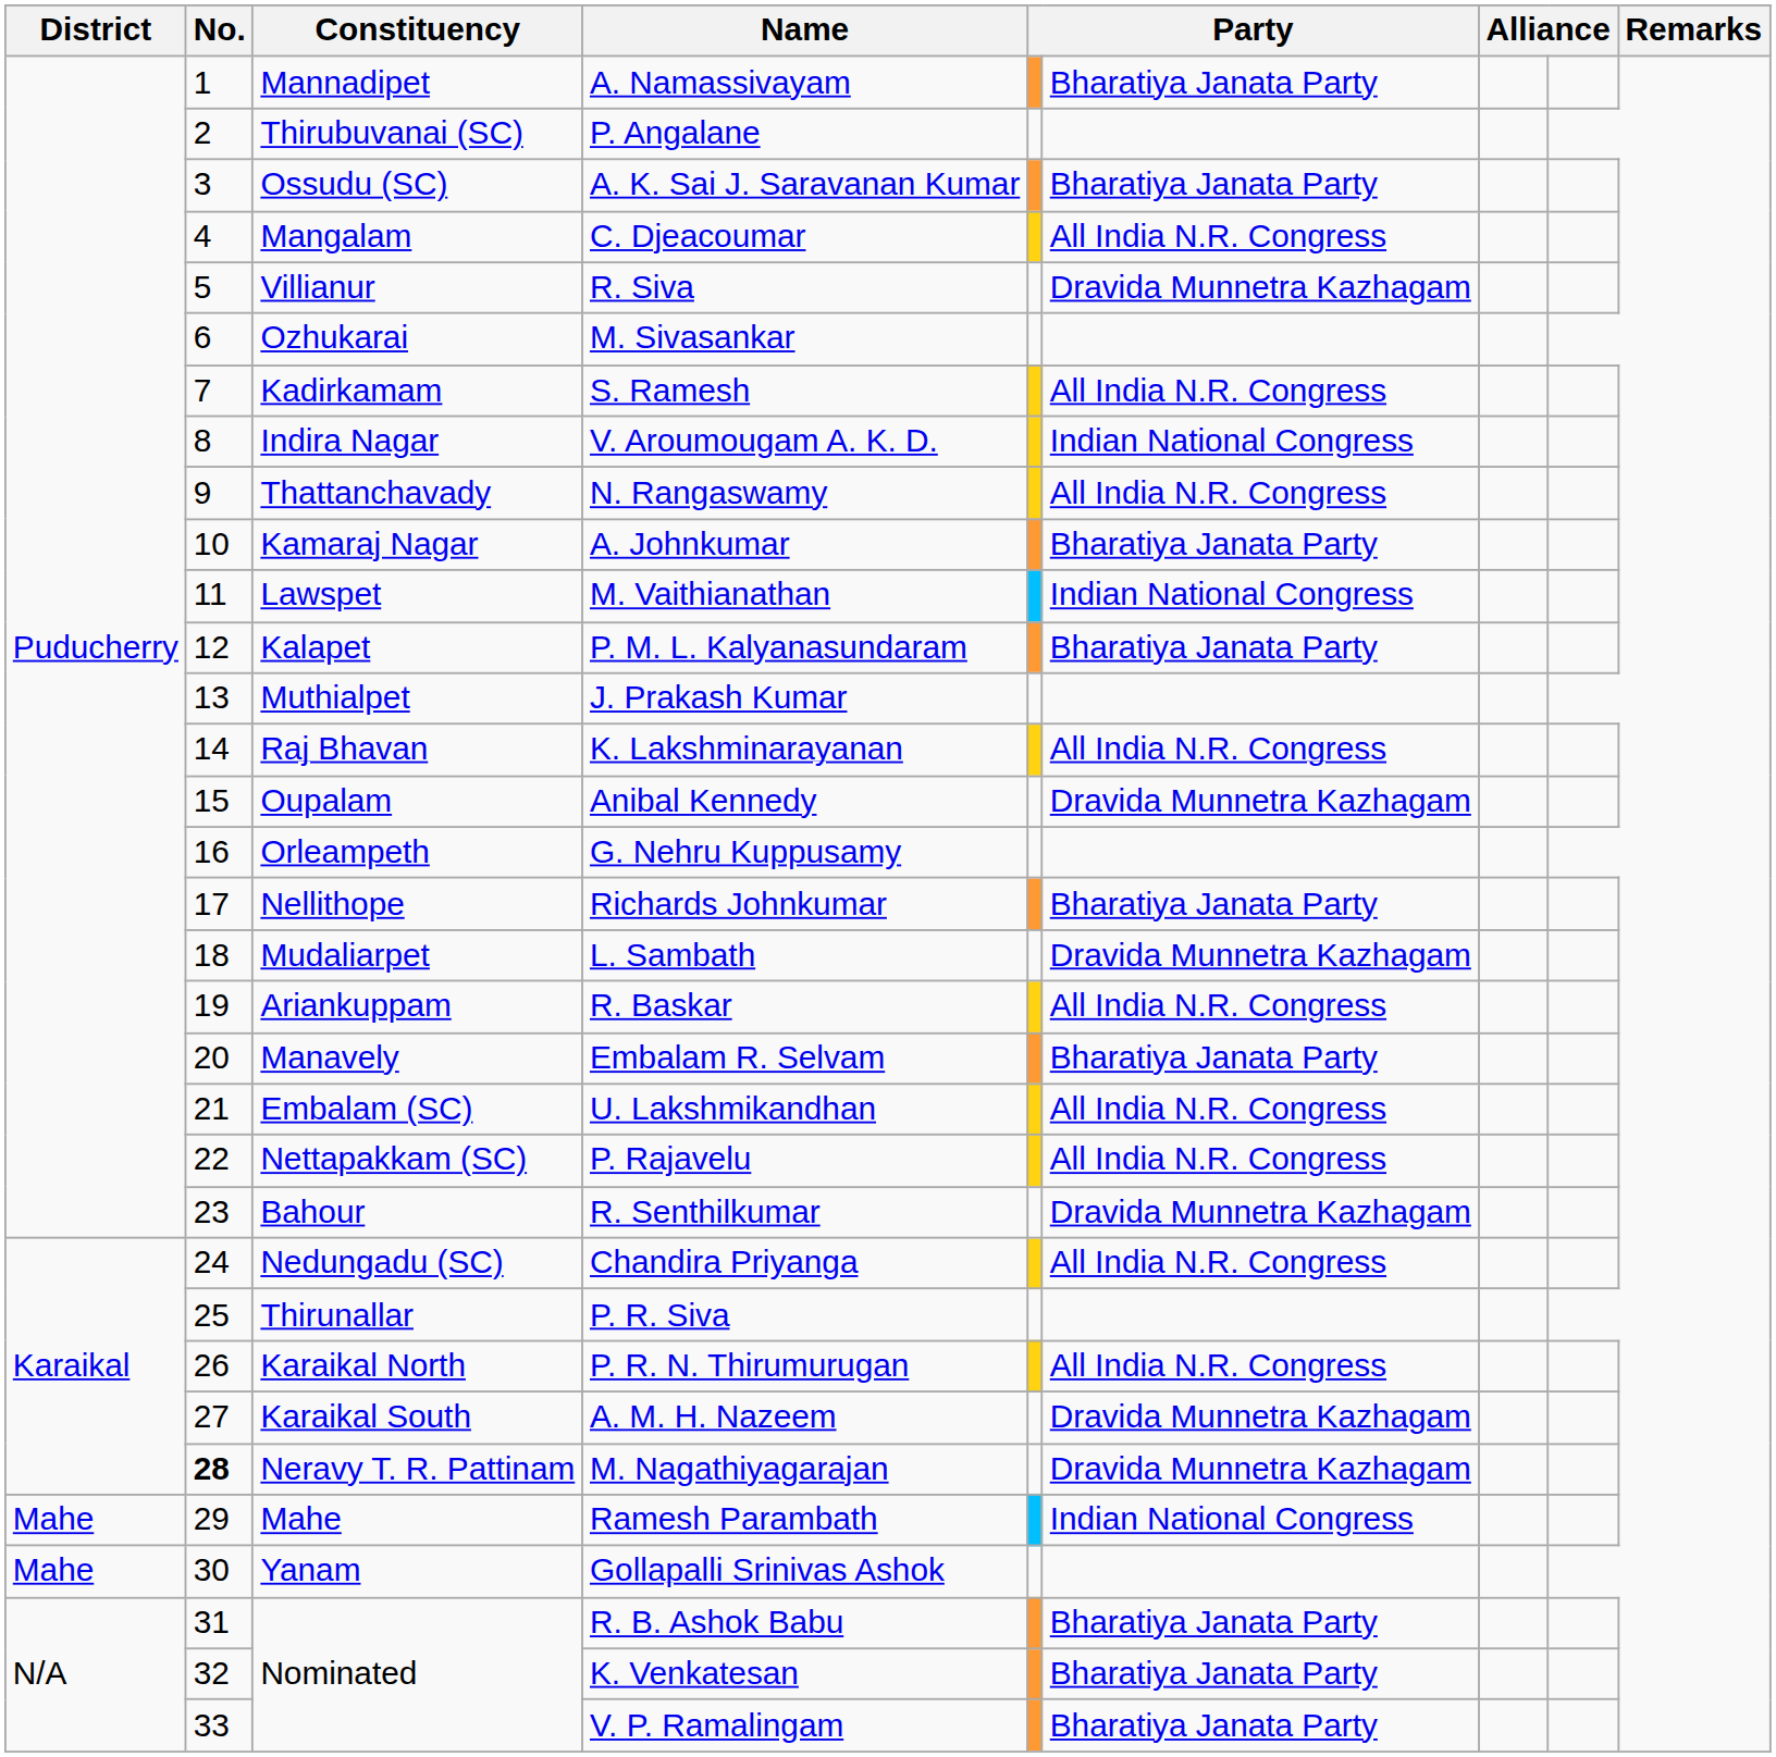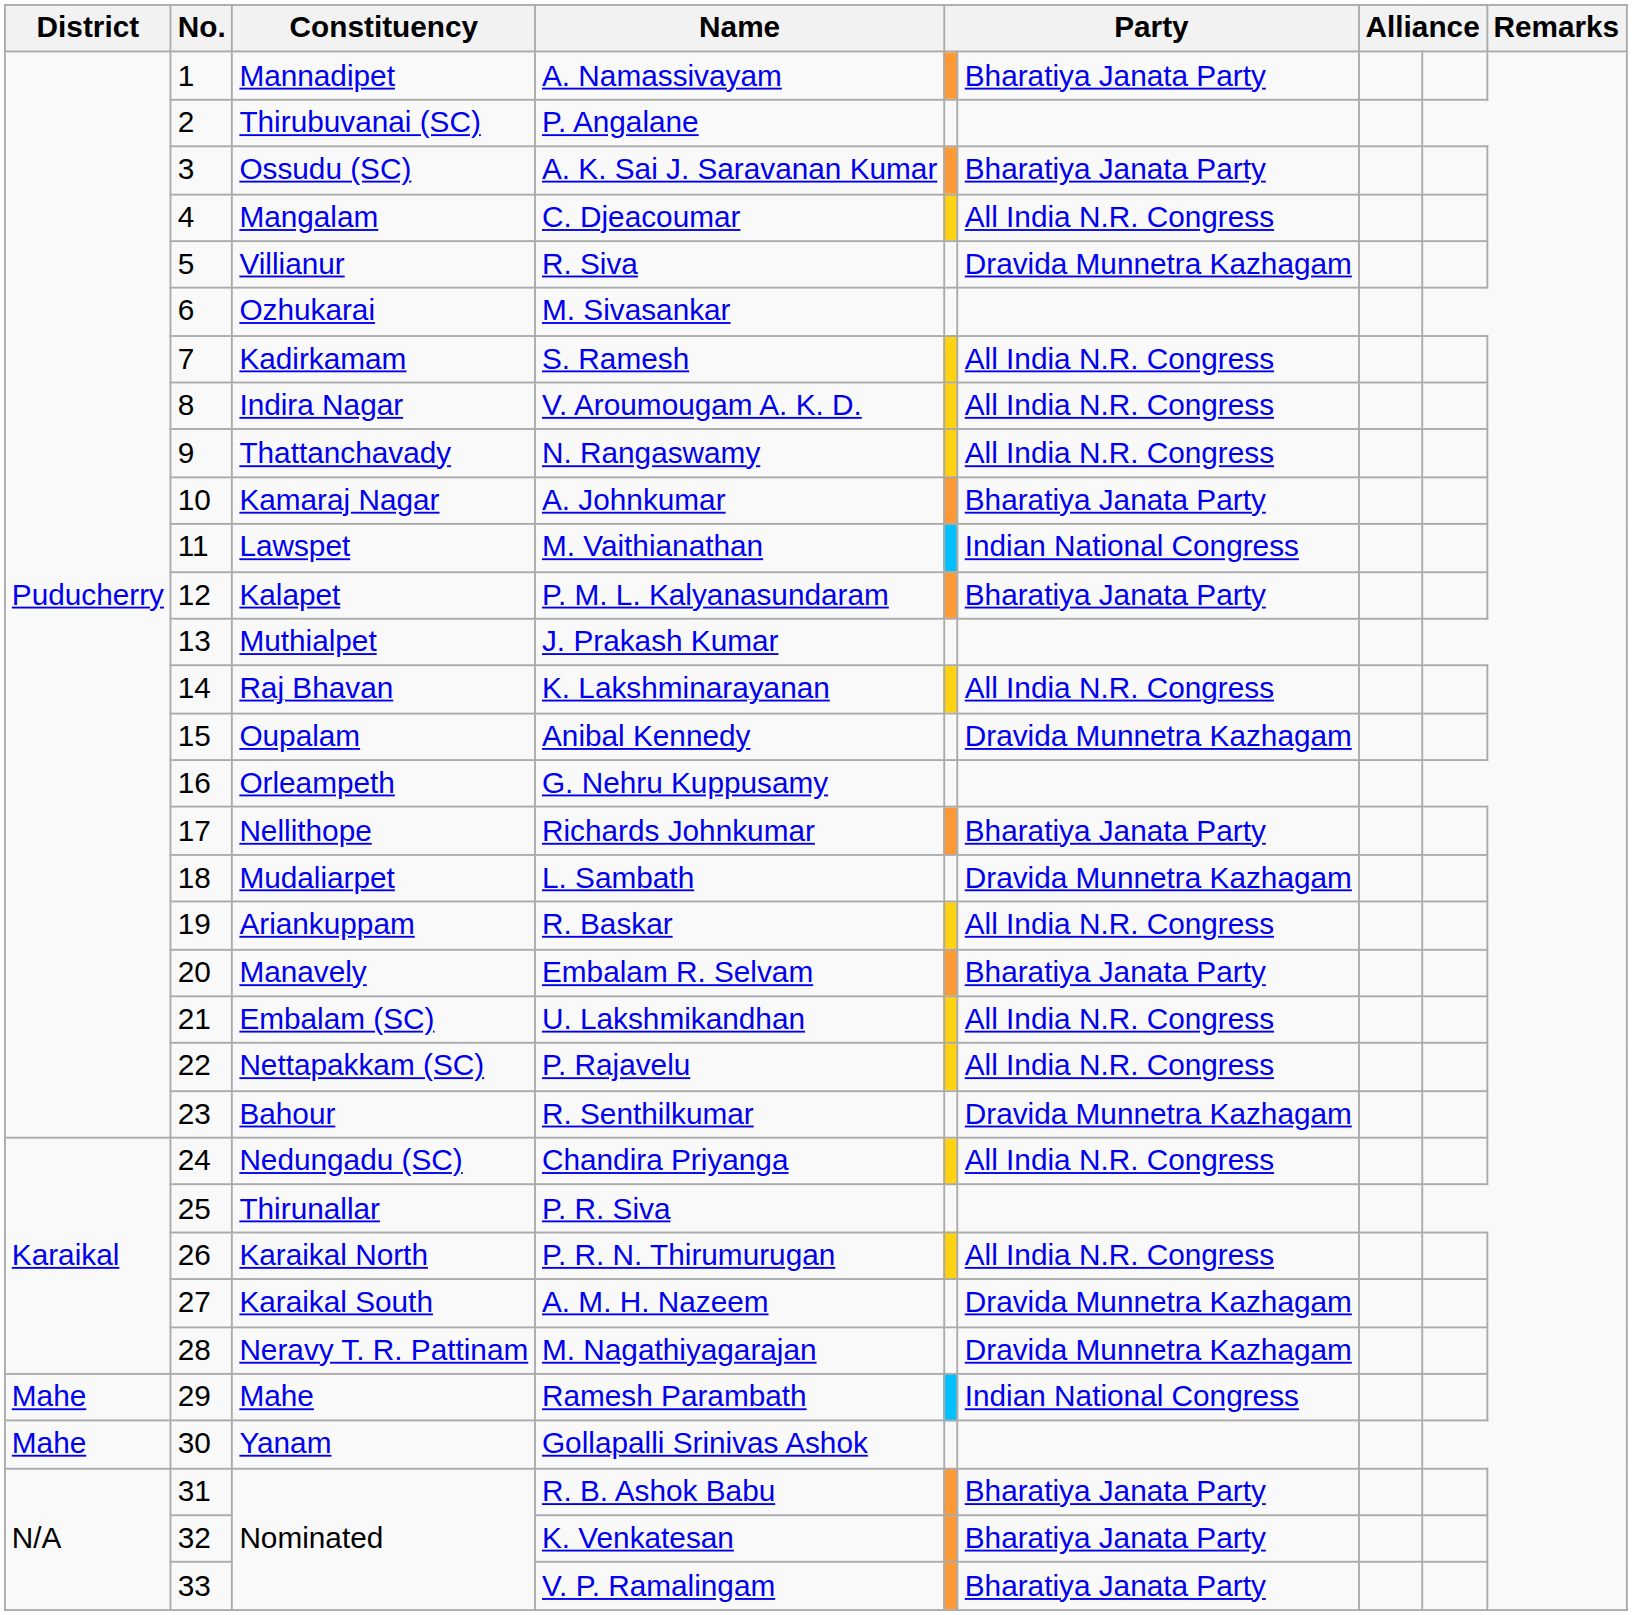 <table class="wikitable sortable">
 <tr>
 <th>District</th>
 <th>No.</th>
 <th>Constituency</th>
 <th>Name</th>
 <th colspan="2">Party</th>
 <th colspan=2>Alliance</th>
 <th>Remarks</th>
 </tr>
 <tr>
 <td rowspan="23"><a href='#'>Puducherry</a></td>
 <td>1</td>
 <td><a href='#'>Mannadipet</a></td>
 <td><a href='#'>A. Namassivayam</a></td>
 <td bgcolor="#FF9933"></td>
 <td><a href='#'>Bharatiya Janata Party</a></td>
 <td></td>
 <td></td>
 </tr>
 <tr>
 <td>2</td>
 <td><a href='#'>Thirubuvanai (SC)</a></td>
 <td><a href='#'>P. Angalane</a></td>
 <td></td>
 <td></td>
 <td></td>
 </tr>
 <tr>
 <td>3</td>
 <td><a href='#'>Ossudu (SC)</a></td>
 <td><a href='#'>A. K. Sai J. Saravanan Kumar</a></td>
 <td bgcolor="#FF9933"></td>
 <td><a href='#'>Bharatiya Janata Party</a></td>
 <td></td>
 <td></td>
 </tr>
 <tr>
 <td>4</td>
 <td><a href='#'>Mangalam</a></td>
 <td><a href='#'>C. Djeacoumar</a></td>
 <td bgcolor="#FFD311"></td>
 <td><a href='#'>All India N.R. Congress</a></td>
 <td></td>
 <td></td>
 </tr>
 <tr>
 <td>5</td>
 <td><a href='#'>Villianur</a></td>
 <td><a href='#'>R. Siva</a></td>
 <td></td>
 <td><a href='#'>Dravida Munnetra Kazhagam</a></td>
 <td></td>
 <td></td>
 </tr>
 <tr>
 <td>6</td>
 <td><a href='#'>Ozhukarai</a></td>
 <td><a href='#'>M. Sivasankar</a></td>
 <td></td>
 <td></td>
 <td></td>
 </tr>
 <tr>
 <td>7</td>
 <td><a href='#'>Kadirkamam</a></td>
 <td><a href='#'>S. Ramesh</a></td>
 <td bgcolor="#FFD311"></td>
 <td><a href='#'>All India N.R. Congress</a></td>
 <td></td>
 <td></td>
 </tr>
 <tr>
 <td>8</td>
 <td><a href='#'>Indira Nagar</a></td>
 <td><a href='#'>V. Aroumougam A. K. D.</a></td>
 <td bgcolor="#FFD311"></td>
-<td><a href='#'>Indian National Congress</a></td>
+<td><a href='#'>All India N.R. Congress</a></td>
 <td></td>
 <td></td>
 </tr>
 <tr>
 <td>9</td>
 <td><a href='#'>Thattanchavady</a></td>
 <td><a href='#'>N. Rangaswamy</a></td>
 <td bgcolor="#FFD311"></td>
 <td><a href='#'>All India N.R. Congress</a></td>
 <td></td>
 <td></td>
 </tr>
 <tr>
 <td>10</td>
 <td><a href='#'>Kamaraj Nagar</a></td>
 <td><a href='#'>A. Johnkumar</a></td>
 <td bgcolor="#FF9933"></td>
 <td><a href='#'>Bharatiya Janata Party</a></td>
 <td></td>
 <td></td>
 </tr>
 <tr>
 <td>11</td>
 <td><a href='#'>Lawspet</a></td>
 <td><a href='#'>M. Vaithianathan</a></td>
 <td bgcolor="#00BFFF"></td>
 <td><a href='#'>Indian National Congress</a></td>
 <td></td>
 <td></td>
 </tr>
 <tr>
 <td>12</td>
 <td><a href='#'>Kalapet</a></td>
 <td><a href='#'>P. M. L. Kalyanasundaram</a></td>
 <td bgcolor="#FF9933"></td>
 <td><a href='#'>Bharatiya Janata Party</a></td>
 <td></td>
 <td></td>
 </tr>
 <tr>
 <td>13</td>
 <td><a href='#'>Muthialpet</a></td>
 <td><a href='#'>J. Prakash Kumar</a></td>
 <td></td>
 <td></td>
 <td></td>
 </tr>
 <tr>
 <td>14</td>
 <td><a href='#'>Raj Bhavan</a></td>
 <td><a href='#'>K. Lakshminarayanan</a></td>
 <td bgcolor="#FFD311"></td>
 <td><a href='#'>All India N.R. Congress</a></td>
 <td></td>
 <td></td>
 </tr>
 <tr>
 <td>15</td>
 <td><a href='#'>Oupalam</a></td>
 <td><a href='#'>Anibal Kennedy</a></td>
 <td></td>
 <td><a href='#'>Dravida Munnetra Kazhagam</a></td>
 <td></td>
 <td></td>
 </tr>
 <tr>
 <td>16</td>
 <td><a href='#'>Orleampeth</a></td>
 <td><a href='#'>G. Nehru Kuppusamy</a></td>
 <td></td>
 <td></td>
 <td></td>
 </tr>
 <tr>
 <td>17</td>
 <td><a href='#'>Nellithope</a></td>
 <td><a href='#'>Richards Johnkumar</a></td>
 <td bgcolor="#FF9933"></td>
 <td><a href='#'>Bharatiya Janata Party</a></td>
 <td></td>
 <td></td>
 </tr>
 <tr>
 <td>18</td>
 <td><a href='#'>Mudaliarpet</a></td>
 <td><a href='#'>L. Sambath</a></td>
 <td></td>
 <td><a href='#'>Dravida Munnetra Kazhagam</a></td>
 <td></td>
 <td></td>
 </tr>
 <tr>
 <td>19</td>
 <td><a href='#'>Ariankuppam</a></td>
 <td><a href='#'>R. Baskar</a></td>
 <td bgcolor="#FFD311"></td>
 <td><a href='#'>All India N.R. Congress</a></td>
 <td></td>
 <td></td>
 </tr>
 <tr>
 <td>20</td>
 <td><a href='#'>Manavely</a></td>
 <td><a href='#'>Embalam R. Selvam</a></td>
 <td bgcolor="#FF9933"></td>
 <td><a href='#'>Bharatiya Janata Party</a></td>
 <td></td>
 <td></td>
 </tr>
 <tr>
 <td>21</td>
 <td><a href='#'>Embalam (SC)</a></td>
 <td><a href='#'>U. Lakshmikandhan</a></td>
 <td bgcolor="#FFD311"></td>
 <td><a href='#'>All India N.R. Congress</a></td>
 <td></td>
 <td></td>
 </tr>
 <tr>
 <td>22</td>
 <td><a href='#'>Nettapakkam (SC)</a></td>
 <td><a href='#'>P. Rajavelu</a></td>
 <td bgcolor="#FFD311"></td>
 <td><a href='#'>All India N.R. Congress</a></td>
 <td></td>
 <td></td>
 </tr>
 <tr>
 <td>23</td>
 <td><a href='#'>Bahour</a></td>
 <td><a href='#'>R. Senthilkumar</a></td>
 <td></td>
 <td><a href='#'>Dravida Munnetra Kazhagam</a></td>
 <td></td>
 <td></td>
 </tr>
 <tr>
 <td rowspan="5"><a href='#'>Karaikal</a></td>
 <td>24</td>
 <td><a href='#'>Nedungadu (SC)</a></td>
 <td><a href='#'>Chandira Priyanga</a></td>
 <td bgcolor="#FFD311"></td>
 <td><a href='#'>All India N.R. Congress</a></td>
 <td></td>
 <td></td>
 </tr>
 <tr>
 <td>25</td>
 <td><a href='#'>Thirunallar</a></td>
 <td><a href='#'>P. R. Siva</a></td>
 <td></td>
 <td></td>
 <td></td>
 </tr>
 <tr>
 <td>26</td>
 <td><a href='#'>Karaikal North</a></td>
 <td><a href='#'>P. R. N. Thirumurugan</a></td>
 <td bgcolor="#FFD311"></td>
 <td><a href='#'>All India N.R. Congress</a></td>
 <td></td>
 <td></td>
 </tr>
 <tr>
 <td>27</td>
 <td><a href='#'>Karaikal South</a></td>
 <td><a href='#'>A. M. H. Nazeem</a></td>
 <td></td>
 <td><a href='#'>Dravida Munnetra Kazhagam</a></td>
 <td></td>
 <td></td>
 </tr>
 <tr>
-<td><strong>28</strong></td>
+<td>28</td>
 <td><a href='#'>Neravy T. R. Pattinam</a></td>
 <td><a href='#'>M. Nagathiyagarajan</a></td>
 <td></td>
 <td><a href='#'>Dravida Munnetra Kazhagam</a></td>
 <td></td>
 <td></td>
 </tr>
 <tr>
 <td><a href='#'>Mahe</a></td>
 <td>29</td>
 <td><a href='#'>Mahe</a></td>
 <td><a href='#'>Ramesh Parambath</a></td>
 <td bgcolor="#00BFFF"></td>
 <td><a href='#'>Indian National Congress</a></td>
 <td></td>
 <td></td>
 </tr>
 <tr>
 <td><a href='#'>Mahe</a></td>
 <td>30</td>
 <td><a href='#'>Yanam</a></td>
 <td><a href='#'>Gollapalli Srinivas Ashok</a></td>
 <td></td>
 <td></td>
 <td></td>
 </tr>
 <tr>
 <td rowspan="3">N/A</td>
 <td>31</td>
 <td Rowspan="3">Nominated</td>
 <td><a href='#'>R. B. Ashok Babu</a></td>
 <td bgcolor="#FF9933"></td>
 <td><a href='#'>Bharatiya Janata Party</a></td>
 <td></td>
 <td></td>
 </tr>
 <tr>
 <td>32</td>
 <td><a href='#'>K. Venkatesan</a></td>
 <td bgcolor="#FF9933"></td>
 <td><a href='#'>Bharatiya Janata Party</a></td>
 <td></td>
 <td></td>
 </tr>
 <tr>
 <td>33</td>
 <td><a href='#'>V. P. Ramalingam</a></td>
 <td bgcolor="#FF9933"></td>
 <td><a href='#'>Bharatiya Janata Party</a></td>
 <td></td>
 <td></td>
 </tr>
 </table>
